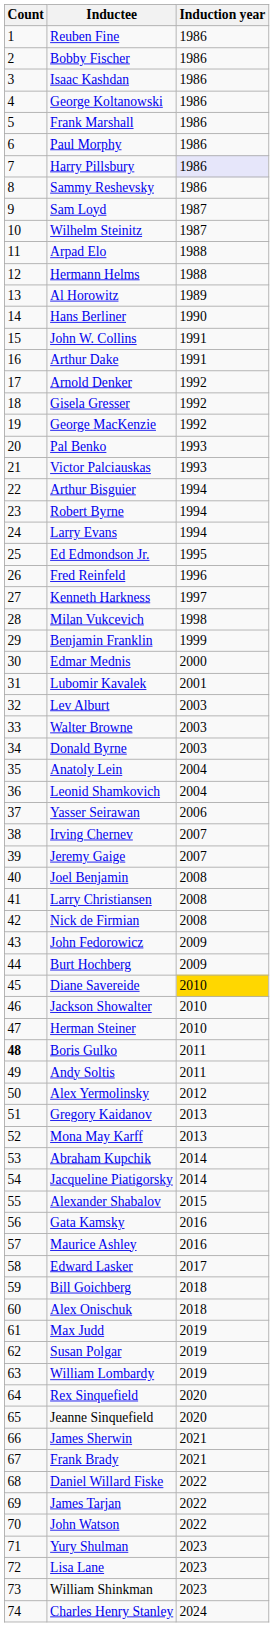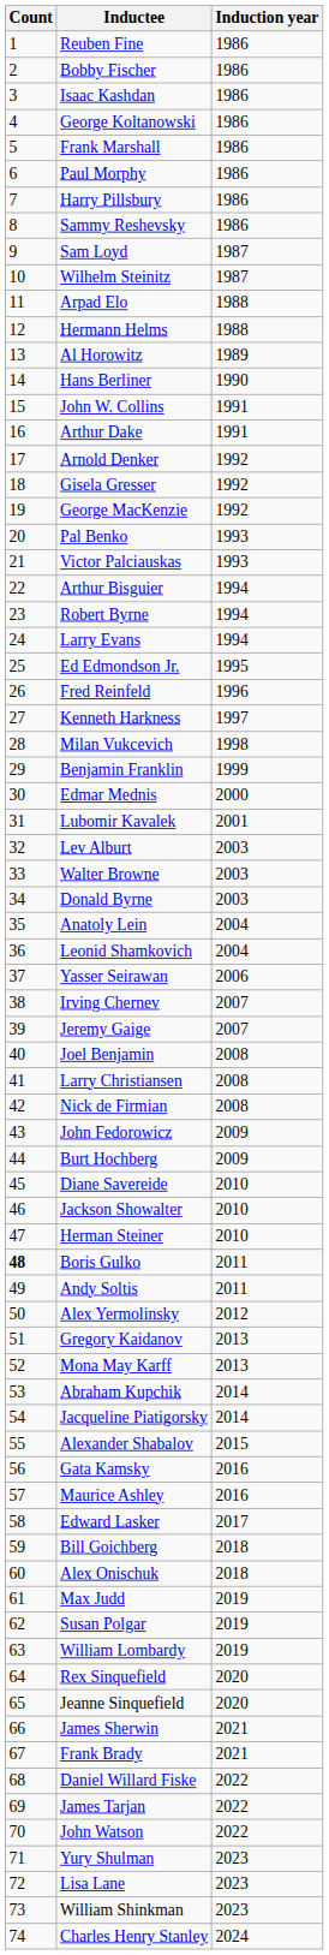 <table class="wikitable sortable">
 <tr>
 <th>Count</th>
 <th>Inductee</th>
 <th>Induction year</th>
 </tr>
 <tr>
 <td>1</td>
 <td><a href='#'>Reuben Fine</a></td>
 <td>1986</td>
 </tr>
 <tr>
 <td>2</td>
 <td><a href='#'>Bobby Fischer</a></td>
 <td>1986</td>
 </tr>
 <tr>
 <td>3</td>
 <td><a href='#'>Isaac Kashdan</a></td>
 <td>1986</td>
 </tr>
 <tr>
 <td>4</td>
 <td><a href='#'>George Koltanowski</a></td>
 <td>1986</td>
 </tr>
 <tr>
 <td>5</td>
 <td><a href='#'>Frank Marshall</a></td>
 <td>1986</td>
 </tr>
 <tr>
 <td>6</td>
 <td><a href='#'>Paul Morphy</a></td>
 <td>1986</td>
 </tr>
 <tr>
 <td>7</td>
 <td><a href='#'>Harry Pillsbury</a></td>
-<td style="background: lavender;">1986</td>
+<td>1986</td>
 </tr>
 <tr>
 <td>8</td>
 <td><a href='#'>Sammy Reshevsky</a></td>
 <td>1986</td>
 </tr>
 <tr>
 <td>9</td>
 <td><a href='#'>Sam Loyd</a></td>
 <td>1987</td>
 </tr>
 <tr>
 <td>10</td>
 <td><a href='#'>Wilhelm Steinitz</a></td>
 <td>1987</td>
 </tr>
 <tr>
 <td>11</td>
 <td><a href='#'>Arpad Elo</a></td>
 <td>1988</td>
 </tr>
 <tr>
 <td>12</td>
 <td><a href='#'>Hermann Helms</a></td>
 <td>1988</td>
 </tr>
 <tr>
 <td>13</td>
 <td><a href='#'>Al Horowitz</a></td>
 <td>1989</td>
 </tr>
 <tr>
 <td>14</td>
 <td><a href='#'>Hans Berliner</a></td>
 <td>1990</td>
 </tr>
 <tr>
 <td>15</td>
 <td><a href='#'>John W. Collins</a></td>
 <td>1991</td>
 </tr>
 <tr>
 <td>16</td>
 <td><a href='#'>Arthur Dake</a></td>
 <td>1991</td>
 </tr>
 <tr>
 <td>17</td>
 <td><a href='#'>Arnold Denker</a></td>
 <td>1992</td>
 </tr>
 <tr>
 <td>18</td>
 <td><a href='#'>Gisela Gresser</a></td>
 <td>1992</td>
 </tr>
 <tr>
 <td>19</td>
 <td><a href='#'>George MacKenzie</a></td>
 <td>1992</td>
 </tr>
 <tr>
 <td>20</td>
 <td><a href='#'>Pal Benko</a></td>
 <td>1993</td>
 </tr>
 <tr>
 <td>21</td>
 <td><a href='#'>Victor Palciauskas</a></td>
 <td>1993</td>
 </tr>
 <tr>
 <td>22</td>
 <td><a href='#'>Arthur Bisguier</a></td>
 <td>1994</td>
 </tr>
 <tr>
 <td>23</td>
 <td><a href='#'>Robert Byrne</a></td>
 <td>1994</td>
 </tr>
 <tr>
 <td>24</td>
 <td><a href='#'>Larry Evans</a></td>
 <td>1994</td>
 </tr>
 <tr>
 <td>25</td>
 <td><a href='#'>Ed Edmondson Jr.</a></td>
 <td>1995</td>
 </tr>
 <tr>
 <td>26</td>
 <td><a href='#'>Fred Reinfeld</a></td>
 <td>1996</td>
 </tr>
 <tr>
 <td>27</td>
 <td><a href='#'>Kenneth Harkness</a></td>
 <td>1997</td>
 </tr>
 <tr>
 <td>28</td>
 <td><a href='#'>Milan Vukcevich</a></td>
 <td>1998</td>
 </tr>
 <tr>
 <td>29</td>
 <td><a href='#'>Benjamin Franklin</a></td>
 <td>1999</td>
 </tr>
 <tr>
 <td>30</td>
 <td><a href='#'>Edmar Mednis</a></td>
 <td>2000</td>
 </tr>
 <tr>
 <td>31</td>
 <td><a href='#'>Lubomir Kavalek</a></td>
 <td>2001</td>
 </tr>
 <tr>
 <td>32</td>
 <td><a href='#'>Lev Alburt</a></td>
 <td>2003</td>
 </tr>
 <tr>
 <td>33</td>
 <td><a href='#'>Walter Browne</a></td>
 <td>2003</td>
 </tr>
 <tr>
 <td>34</td>
 <td><a href='#'>Donald Byrne</a></td>
 <td>2003</td>
 </tr>
 <tr>
 <td>35</td>
 <td><a href='#'>Anatoly Lein</a></td>
 <td>2004</td>
 </tr>
 <tr>
 <td>36</td>
 <td><a href='#'>Leonid Shamkovich</a></td>
 <td>2004</td>
 </tr>
 <tr>
 <td>37</td>
 <td><a href='#'>Yasser Seirawan</a></td>
 <td>2006</td>
 </tr>
 <tr>
 <td>38</td>
 <td><a href='#'>Irving Chernev</a></td>
 <td>2007</td>
 </tr>
 <tr>
 <td>39</td>
 <td><a href='#'>Jeremy Gaige</a></td>
 <td>2007</td>
 </tr>
 <tr>
 <td>40</td>
 <td><a href='#'>Joel Benjamin</a></td>
 <td>2008</td>
 </tr>
 <tr>
 <td>41</td>
 <td><a href='#'>Larry Christiansen</a></td>
 <td>2008</td>
 </tr>
 <tr>
 <td>42</td>
 <td><a href='#'>Nick de Firmian</a></td>
 <td>2008</td>
 </tr>
 <tr>
 <td>43</td>
 <td><a href='#'>John Fedorowicz</a></td>
 <td>2009</td>
 </tr>
 <tr>
 <td>44</td>
 <td><a href='#'>Burt Hochberg</a></td>
 <td>2009</td>
 </tr>
 <tr>
 <td>45</td>
 <td><a href='#'>Diane Savereide</a></td>
-<td style="background: gold;">2010</td>
+<td>2010</td>
 </tr>
 <tr>
 <td>46</td>
 <td><a href='#'>Jackson Showalter</a></td>
 <td>2010</td>
 </tr>
 <tr>
 <td>47</td>
 <td><a href='#'>Herman Steiner</a></td>
 <td>2010</td>
 </tr>
 <tr>
 <td><strong>48</strong></td>
 <td><a href='#'>Boris Gulko</a></td>
 <td>2011</td>
 </tr>
 <tr>
 <td>49</td>
 <td><a href='#'>Andy Soltis</a></td>
 <td>2011</td>
 </tr>
 <tr>
 <td>50</td>
 <td><a href='#'>Alex Yermolinsky</a></td>
 <td>2012</td>
 </tr>
 <tr>
 <td>51</td>
 <td><a href='#'>Gregory Kaidanov</a></td>
 <td>2013</td>
 </tr>
 <tr>
 <td>52</td>
 <td><a href='#'>Mona May Karff</a></td>
 <td>2013</td>
 </tr>
 <tr>
 <td>53</td>
 <td><a href='#'>Abraham Kupchik</a></td>
 <td>2014</td>
 </tr>
 <tr>
 <td>54</td>
 <td><a href='#'>Jacqueline Piatigorsky</a></td>
 <td>2014</td>
 </tr>
 <tr>
 <td>55</td>
 <td><a href='#'>Alexander Shabalov</a></td>
 <td>2015</td>
 </tr>
 <tr>
 <td>56</td>
 <td><a href='#'>Gata Kamsky</a></td>
 <td>2016</td>
 </tr>
 <tr>
 <td>57</td>
 <td><a href='#'>Maurice Ashley</a></td>
 <td>2016</td>
 </tr>
 <tr>
 <td>58</td>
 <td><a href='#'>Edward Lasker</a></td>
 <td>2017</td>
 </tr>
 <tr>
 <td>59</td>
 <td><a href='#'>Bill Goichberg</a></td>
 <td>2018</td>
 </tr>
 <tr>
 <td>60</td>
 <td><a href='#'>Alex Onischuk</a></td>
 <td>2018</td>
 </tr>
 <tr>
 <td>61</td>
 <td><a href='#'>Max Judd</a></td>
 <td>2019</td>
 </tr>
 <tr>
 <td>62</td>
 <td><a href='#'>Susan Polgar</a></td>
 <td>2019</td>
 </tr>
 <tr>
 <td>63</td>
 <td><a href='#'>William Lombardy</a></td>
 <td>2019</td>
 </tr>
 <tr>
 <td>64</td>
 <td><a href='#'>Rex Sinquefield</a></td>
 <td>2020</td>
 </tr>
 <tr>
 <td>65</td>
 <td>Jeanne Sinquefield</td>
 <td>2020</td>
 </tr>
 <tr>
 <td>66</td>
 <td><a href='#'>James Sherwin</a></td>
 <td>2021</td>
 </tr>
 <tr>
 <td>67</td>
 <td><a href='#'>Frank Brady</a></td>
 <td>2021</td>
 </tr>
 <tr>
 <td>68</td>
 <td><a href='#'>Daniel Willard Fiske</a></td>
 <td>2022</td>
 </tr>
 <tr>
 <td>69</td>
 <td><a href='#'>James Tarjan</a></td>
 <td>2022</td>
 </tr>
 <tr>
 <td>70</td>
 <td><a href='#'>John Watson</a></td>
 <td>2022</td>
 </tr>
 <tr>
 <td>71</td>
 <td><a href='#'>Yury Shulman</a></td>
 <td>2023</td>
 </tr>
 <tr>
 <td>72</td>
 <td><a href='#'>Lisa Lane</a></td>
 <td>2023</td>
 </tr>
 <tr>
 <td>73</td>
 <td>William Shinkman</td>
 <td>2023</td>
 </tr>
 <tr>
 <td>74</td>
 <td><a href='#'>Charles Henry Stanley</a></td>
 <td>2024</td>
 </tr>
 </table>
